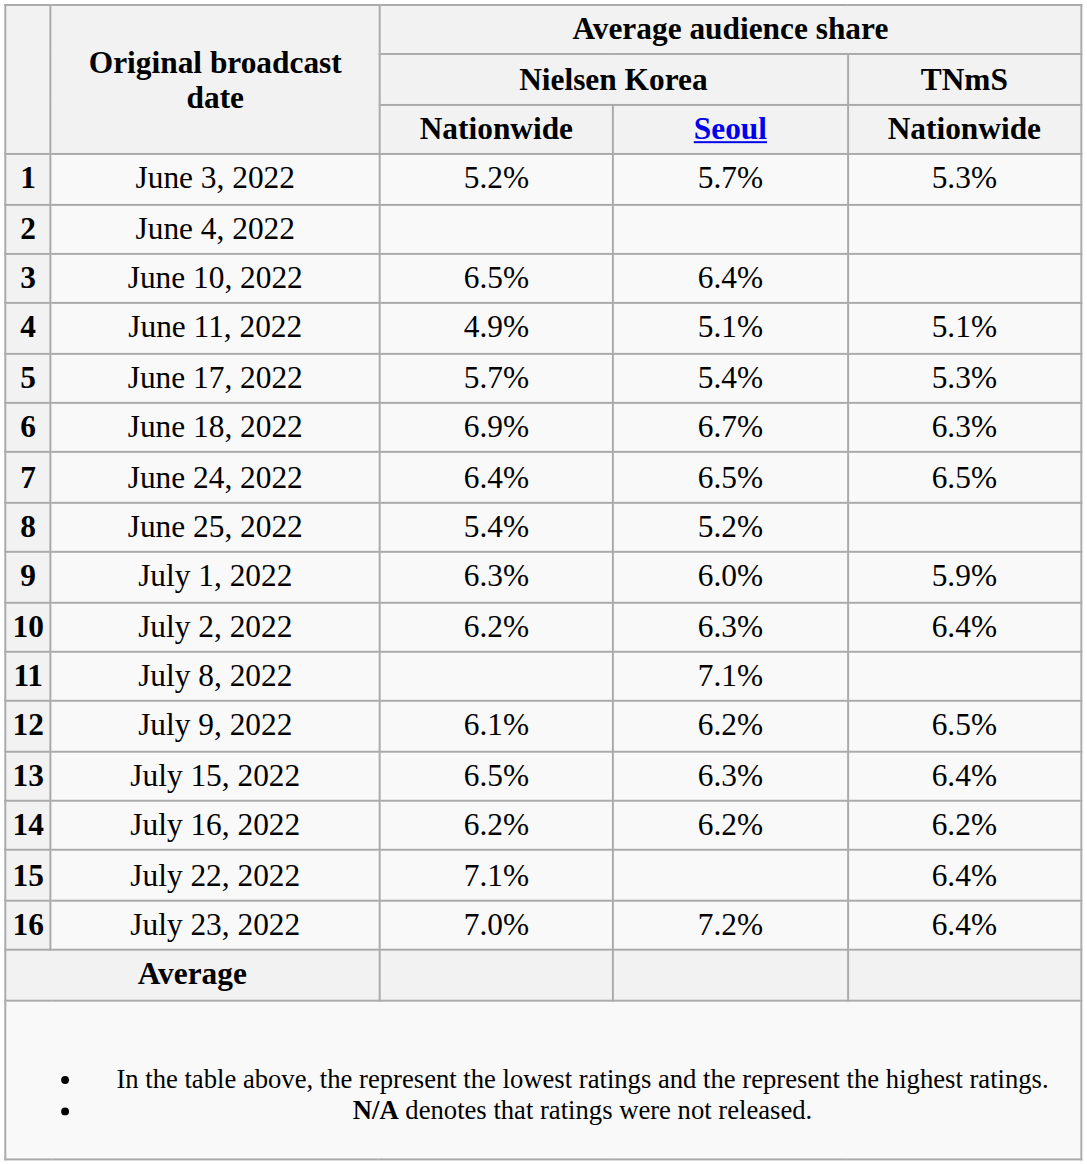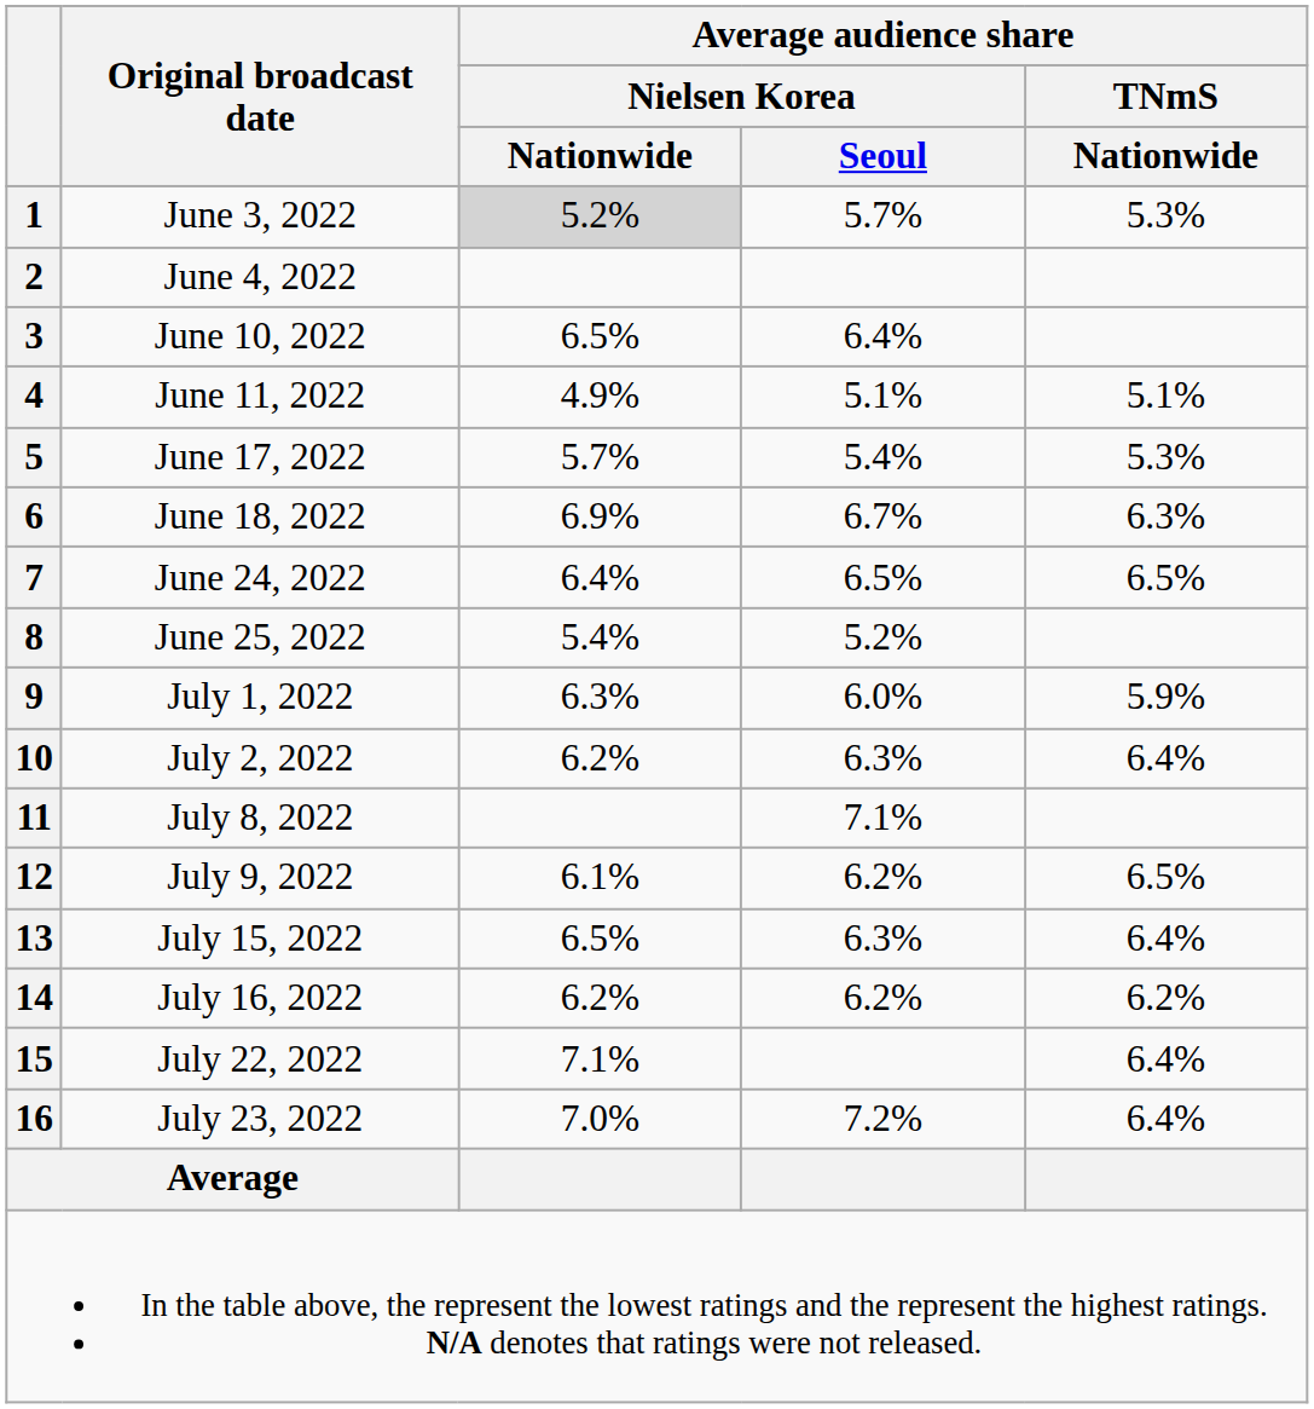 <table class="wikitable" style="margin-left:auto; margin-right:auto; width:550px; text-align:center">
 <tr>
 <th scope="col" rowspan="3"></th>
 <th scope="col" rowspan="3">Original broadcast date</th>
 <th scope="col" colspan="3">Average audience share</th>
 </tr>
 <tr>
 <th scope="col" colspan="2">Nielsen Korea</th>
 <th scope="col">TNmS</th>
 </tr>
 <tr>
 <th scope="col" style="width:7em">Nationwide</th>
 <th scope="col" style="width:7em"><a href='#'>Seoul</a></th>
 <th scope="col" style="width:7em">Nationwide</th>
 </tr>
 <tr>
 <th scope="col">1</th>
 <td>June 3, 2022</td>
-<td>5.2% </td>
+<td style="background: lightgrey;">5.2% </td>
 <td>5.7% </td>
 <td>5.3% </td>
 </tr>
 <tr>
 <th scope="col">2</th>
 <td>June 4, 2022</td>
 <td><strong></strong> </td>
 <td><strong></strong> </td>
 <td><strong></strong> </td>
 </tr>
 <tr>
 <th scope="col">3</th>
 <td>June 10, 2022</td>
 <td>6.5% </td>
 <td>6.4% </td>
 <td><strong></strong> </td>
 </tr>
 <tr>
 <th scope="col">4</th>
 <td>June 11, 2022</td>
 <td>4.9% </td>
 <td>5.1% </td>
 <td>5.1% </td>
 </tr>
 <tr>
 <th scope="col">5</th>
 <td>June 17, 2022</td>
 <td>5.7% </td>
 <td>5.4% </td>
 <td>5.3% </td>
 </tr>
 <tr>
 <th scope="col">6</th>
 <td>June 18, 2022</td>
 <td>6.9% </td>
 <td>6.7% </td>
 <td>6.3% </td>
 </tr>
 <tr>
 <th scope="col">7</th>
 <td>June 24, 2022</td>
 <td>6.4% </td>
 <td>6.5% </td>
 <td>6.5% </td>
 </tr>
 <tr>
 <th scope="col">8</th>
 <td>June 25, 2022</td>
 <td>5.4% </td>
 <td>5.2% </td>
 <td></td>
 </tr>
 <tr>
 <th scope="col">9</th>
 <td>July 1, 2022</td>
 <td>6.3%  </td>
 <td>6.0%  </td>
 <td>5.9% </td>
 </tr>
 <tr>
 <th scope="col">10</th>
 <td>July 2, 2022</td>
 <td>6.2% </td>
 <td>6.3% </td>
 <td>6.4% </td>
 </tr>
 <tr>
 <th scope="col">11</th>
 <td>July 8, 2022</td>
 <td><strong></strong> </td>
 <td>7.1% </td>
 <td></td>
 </tr>
 <tr>
 <th scope="col">12</th>
 <td>July 9, 2022</td>
 <td>6.1% </td>
 <td>6.2% </td>
 <td>6.5% </td>
 </tr>
 <tr>
 <th scope="col">13</th>
 <td>July 15, 2022</td>
 <td>6.5% </td>
 <td>6.3% </td>
 <td>6.4% </td>
 </tr>
 <tr>
 <th scope="col">14</th>
 <td>July 16, 2022</td>
 <td>6.2% </td>
 <td>6.2% </td>
 <td>6.2% </td>
 </tr>
 <tr>
 <th scope="col">15</th>
 <td>July 22, 2022</td>
 <td>7.1% </td>
 <td><strong></strong> </td>
 <td>6.4% </td>
 </tr>
 <tr>
 <th scope="col">16</th>
 <td>July 23, 2022</td>
 <td>7.0% </td>
 <td>7.2% </td>
 <td>6.4% </td>
 </tr>
 <tr>
 <th scope="col" colspan="2">Average</th>
 <th scope="col"></th>
 <th scope="col"></th>
 <th scope="col"></th>
 </tr>
 <tr>
 <td colspan="5" style="font-size:85%"><br><ul><li>In the table above, the <strong></strong> represent the lowest ratings and the <strong></strong> represent the highest ratings.</li><li><strong>N/A</strong> denotes that ratings were not released.</li></ul></td>
 </tr>
 </table>
